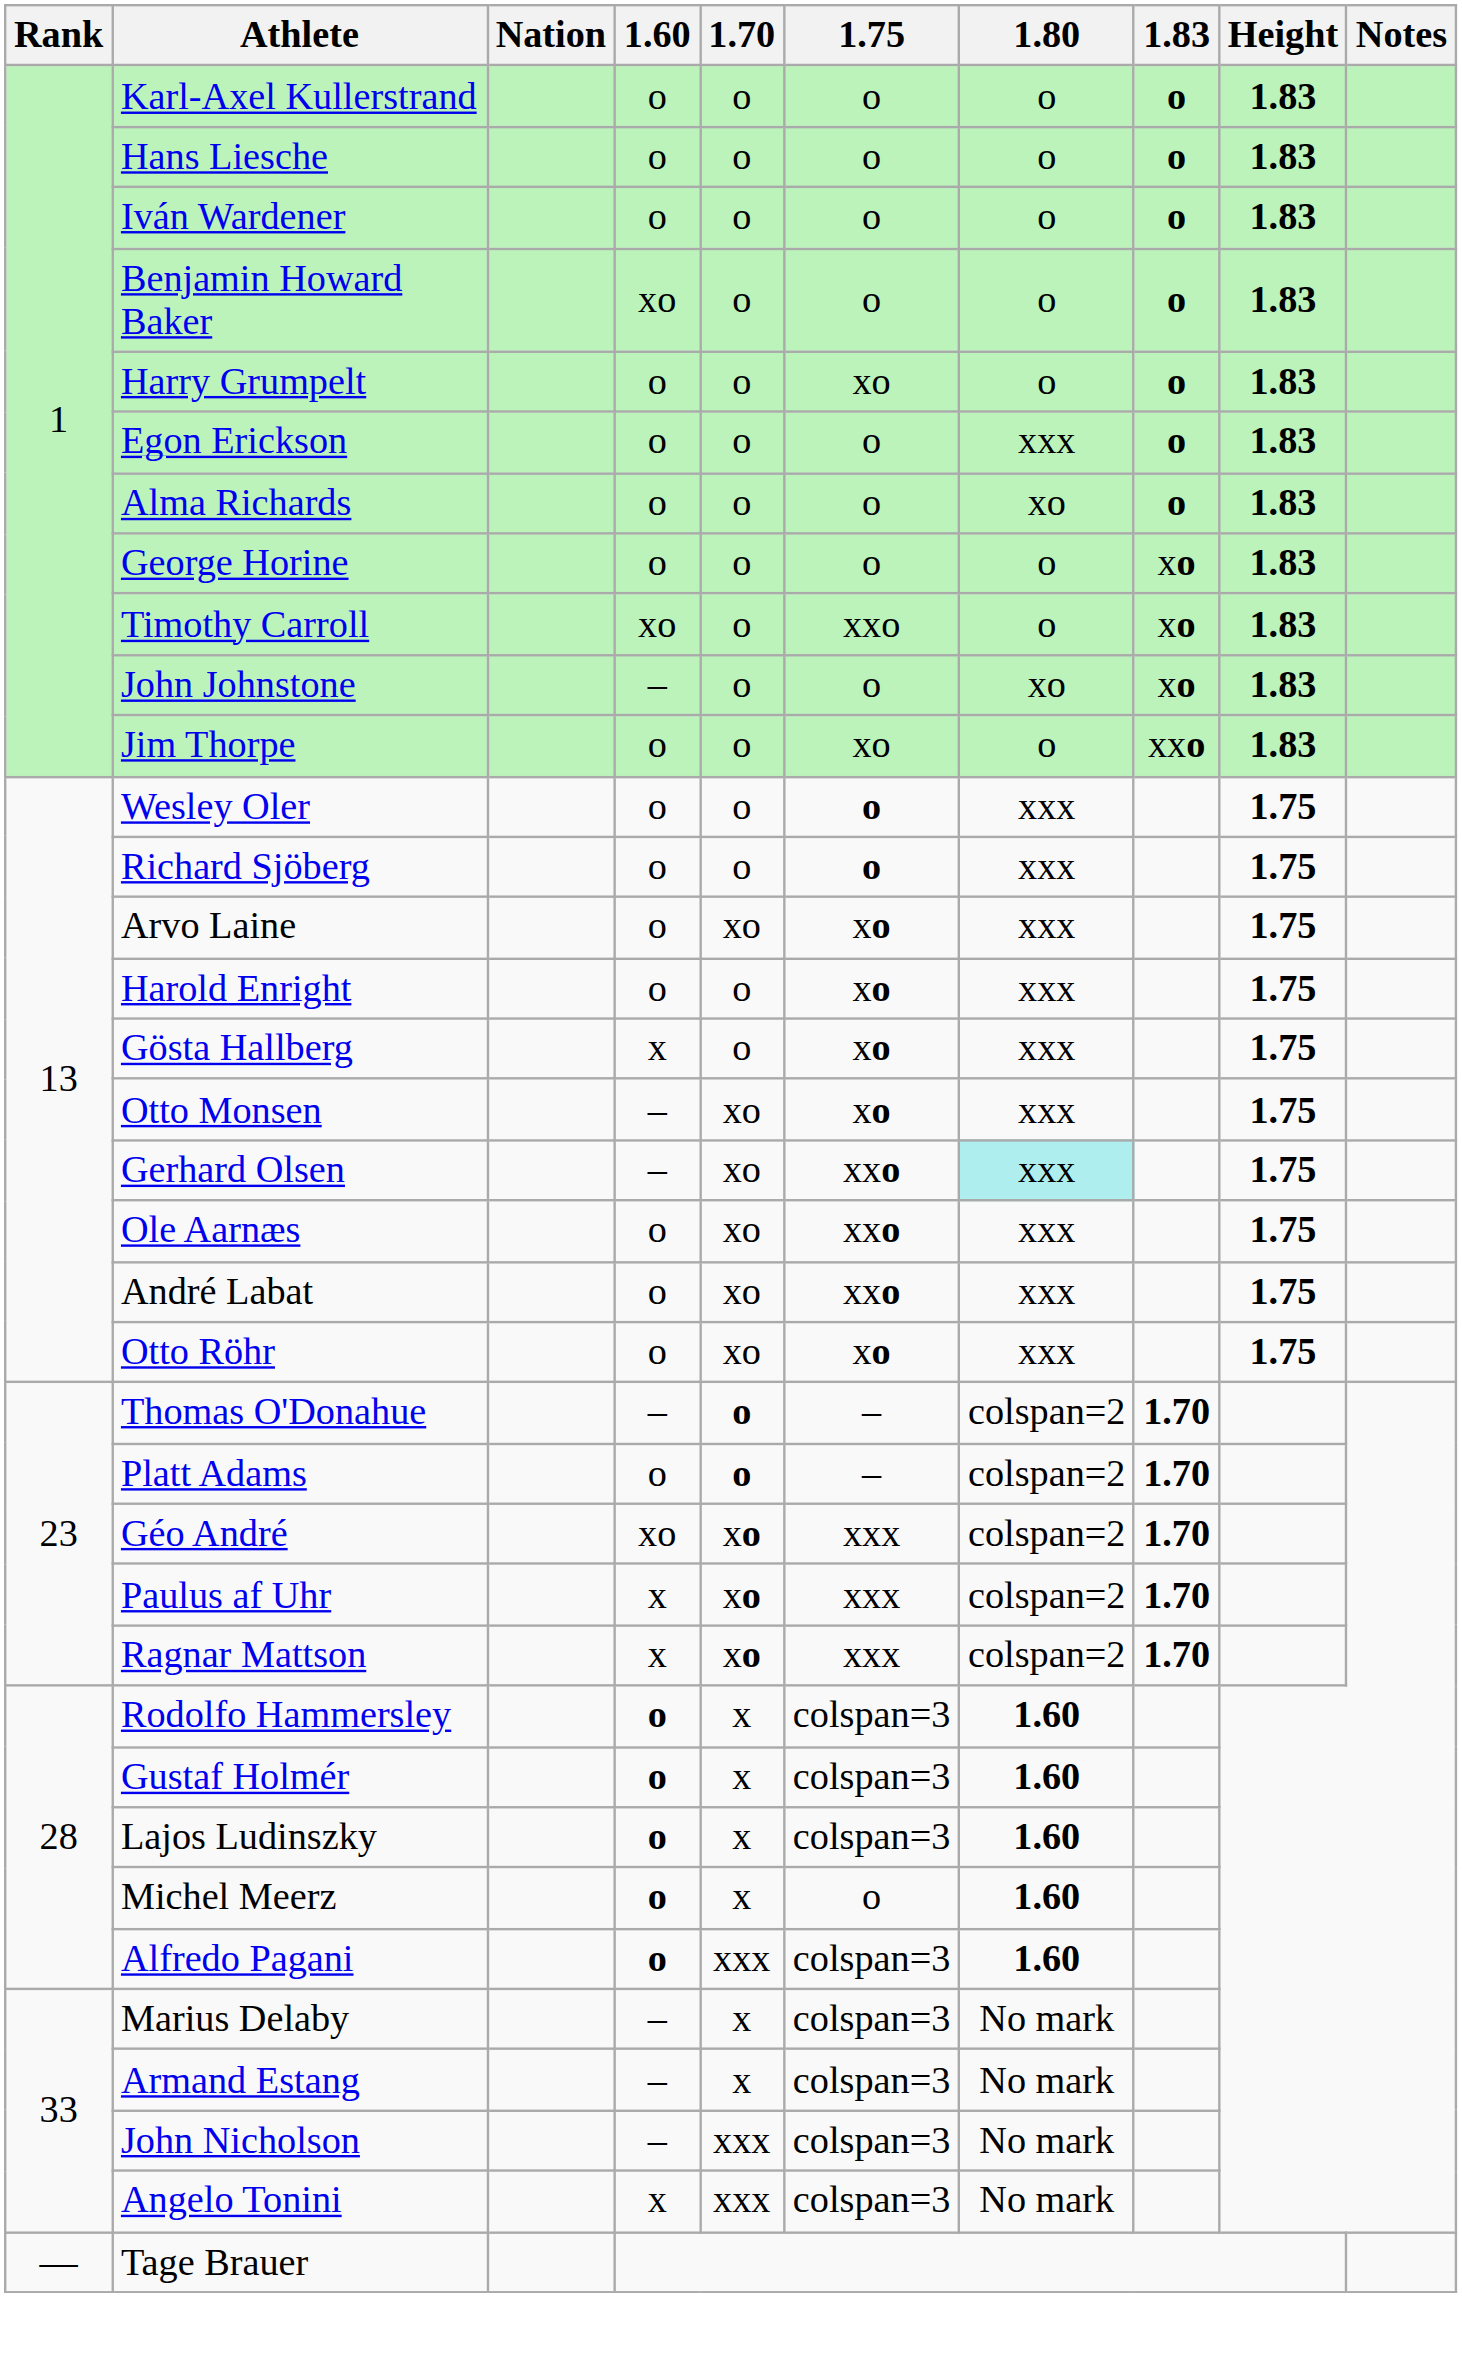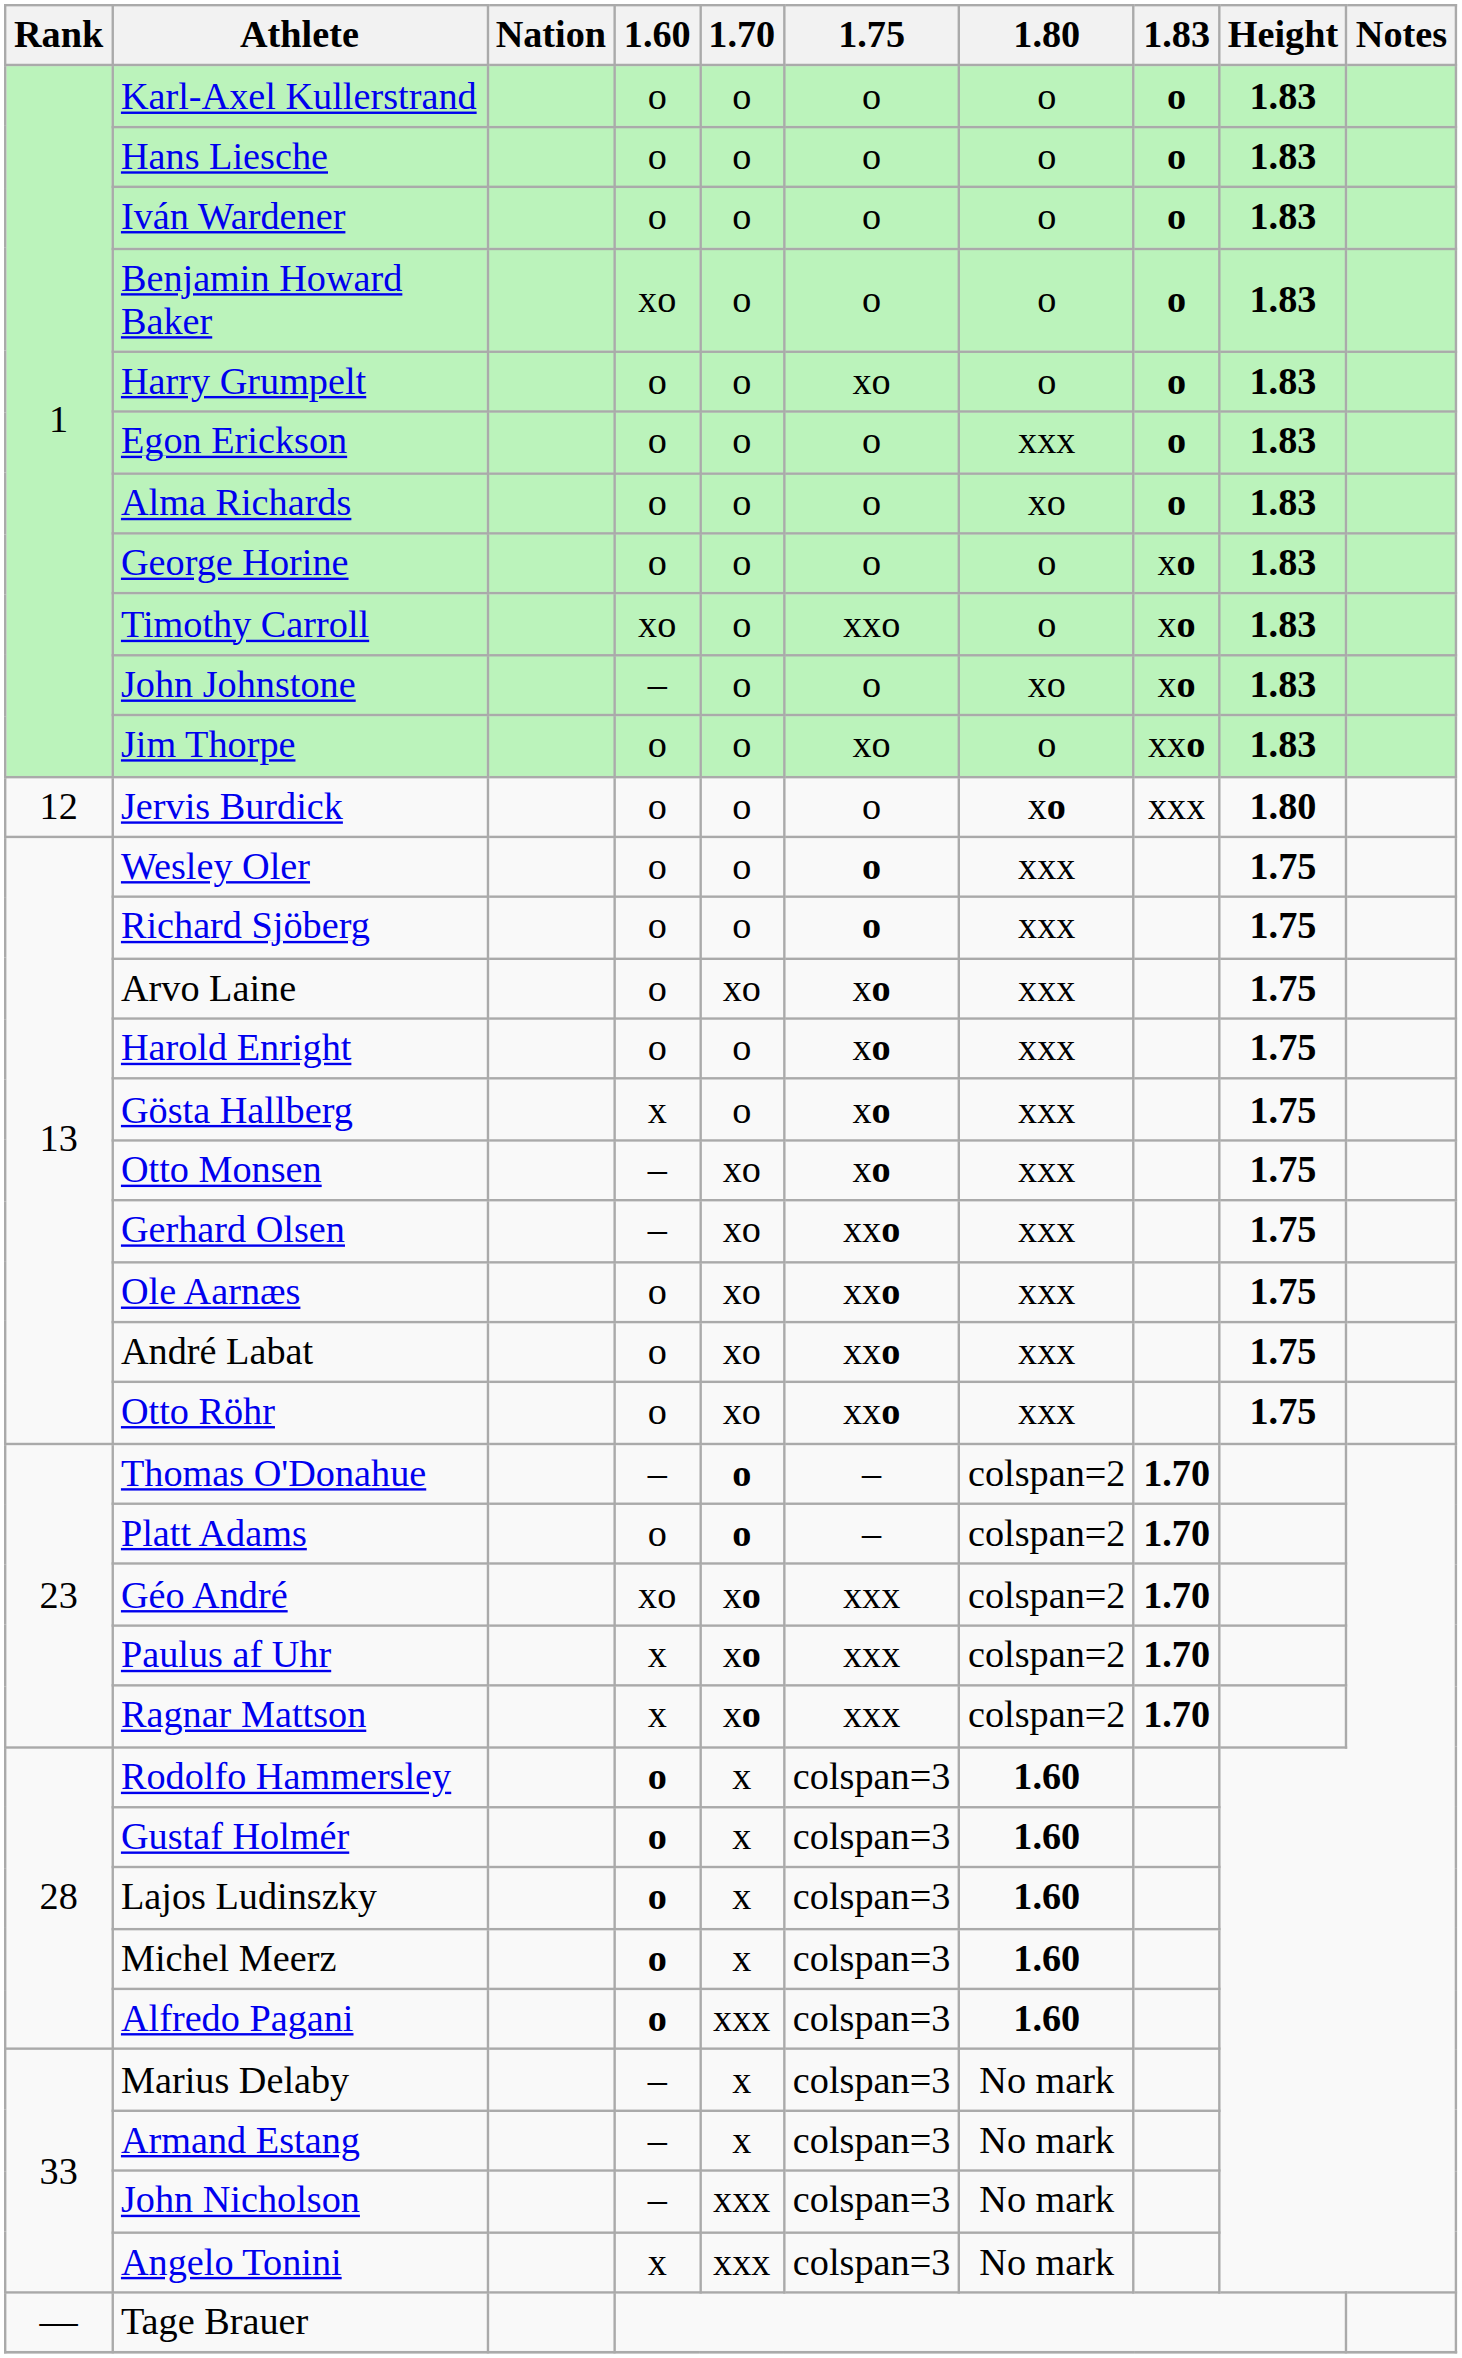 <table class="wikitable sortable" style="text-align:center;">
 <tr>
 <th>Rank</th>
 <th>Athlete</th>
 <th>Nation</th>
 <th>1.60</th>
 <th>1.70</th>
 <th>1.75</th>
 <th>1.80</th>
 <th>1.83</th>
 <th>Height</th>
 <th>Notes</th>
 </tr>
 <tr style="background:#BBF3BB">
 <td rowspan="11">1</td>
 <td align=left><a href='#'>Karl-Axel Kullerstrand</a></td>
 <td align=left></td>
 <td>o</td>
 <td>o</td>
 <td>o</td>
 <td>o</td>
 <td><strong>o</strong></td>
 <td><strong>1.83</strong></td>
 <td></td>
 </tr>
 <tr style="background:#BBF3BB">
 <td align=left><a href='#'>Hans Liesche</a></td>
 <td align=left></td>
 <td>o</td>
 <td>o</td>
 <td>o</td>
 <td>o</td>
 <td><strong>o</strong></td>
 <td><strong>1.83</strong></td>
 <td></td>
 </tr>
 <tr style="background:#BBF3BB">
 <td align=left><a href='#'>Iván Wardener</a></td>
 <td align=left></td>
 <td>o</td>
 <td>o</td>
 <td>o</td>
 <td>o</td>
 <td><strong>o</strong></td>
 <td><strong>1.83</strong></td>
 <td></td>
 </tr>
 <tr style="background:#BBF3BB">
 <td align=left><a href='#'>Benjamin Howard Baker</a></td>
 <td align=left></td>
 <td>xo</td>
 <td>o</td>
 <td>o</td>
 <td>o</td>
 <td><strong>o</strong></td>
 <td><strong>1.83</strong></td>
 <td></td>
 </tr>
 <tr style="background:#BBF3BB">
 <td align=left><a href='#'>Harry Grumpelt</a></td>
 <td align=left></td>
 <td>o</td>
 <td>o</td>
 <td>xo</td>
 <td>o</td>
 <td><strong>o</strong></td>
 <td><strong>1.83</strong></td>
 <td></td>
 </tr>
 <tr style="background:#BBF3BB">
 <td align=left><a href='#'>Egon Erickson</a></td>
 <td align=left></td>
 <td>o</td>
 <td>o</td>
 <td>o</td>
 <td>xxx</td>
 <td><strong>o</strong></td>
 <td><strong>1.83</strong></td>
 <td></td>
 </tr>
 <tr style="background:#BBF3BB">
 <td align=left><a href='#'>Alma Richards</a></td>
 <td align=left></td>
 <td>o</td>
 <td>o</td>
 <td>o</td>
 <td>xo</td>
 <td><strong>o</strong></td>
 <td><strong>1.83</strong></td>
 <td></td>
 </tr>
 <tr style="background:#BBF3BB">
 <td align=left><a href='#'>George Horine</a></td>
 <td align=left></td>
 <td>o</td>
 <td>o</td>
 <td>o</td>
 <td>o</td>
 <td>x<strong>o</strong></td>
 <td><strong>1.83</strong></td>
 <td></td>
 </tr>
 <tr style="background:#BBF3BB">
 <td align=left><a href='#'>Timothy Carroll</a></td>
 <td align=left></td>
 <td>xo</td>
 <td>o</td>
 <td>xxo</td>
 <td>o</td>
 <td>x<strong>o</strong></td>
 <td><strong>1.83</strong></td>
 <td></td>
 </tr>
 <tr style="background:#BBF3BB">
 <td align=left><a href='#'>John Johnstone</a></td>
 <td align=left></td>
 <td>–</td>
 <td>o</td>
 <td>o</td>
 <td>xo</td>
 <td>x<strong>o</strong></td>
 <td><strong>1.83</strong></td>
 <td></td>
 </tr>
 <tr style="background:#BBF3BB">
 <td align=left><a href='#'>Jim Thorpe</a></td>
 <td align=left></td>
 <td>o</td>
 <td>o</td>
 <td>xo</td>
 <td>o</td>
 <td>xx<strong>o</strong></td>
 <td><strong>1.83</strong></td>
 <td></td>
 </tr>
 <tr>
+<td>12</td>
+<td align=left><a href='#'>Jervis Burdick</a></td>
+<td align=left></td>
+<td>o</td>
+<td>o</td>
+<td>o</td>
+<td>x<strong>o</strong></td>
+<td>xxx</td>
+<td><strong>1.80</strong></td>
+<td></td>
+</tr>
+<tr>
 <td rowspan="10">13</td>
 <td align=left><a href='#'>Wesley Oler</a></td>
 <td align=left></td>
 <td>o</td>
 <td>o</td>
 <td><strong>o</strong></td>
 <td>xxx</td>
 <td></td>
 <td><strong>1.75</strong></td>
 <td></td>
 </tr>
 <tr>
 <td align=left><a href='#'>Richard Sjöberg</a></td>
 <td align=left></td>
 <td>o</td>
 <td>o</td>
 <td><strong>o</strong></td>
 <td>xxx</td>
 <td></td>
 <td><strong>1.75</strong></td>
 <td></td>
 </tr>
 <tr>
 <td align=left>Arvo Laine</td>
 <td align=left></td>
 <td>o</td>
 <td>xo</td>
 <td>x<strong>o</strong></td>
 <td>xxx</td>
 <td></td>
 <td><strong>1.75</strong></td>
 <td></td>
 </tr>
 <tr>
 <td align=left><a href='#'>Harold Enright</a></td>
 <td align=left></td>
 <td>o</td>
 <td>o</td>
 <td>x<strong>o</strong></td>
 <td>xxx</td>
 <td></td>
 <td><strong>1.75</strong></td>
 <td></td>
 </tr>
 <tr>
 <td align=left><a href='#'>Gösta Hallberg</a></td>
 <td align=left></td>
 <td>x</td>
 <td>o</td>
 <td>x<strong>o</strong></td>
 <td>xxx</td>
 <td></td>
 <td><strong>1.75</strong></td>
 <td></td>
 </tr>
 <tr>
 <td align=left><a href='#'>Otto Monsen</a></td>
 <td align=left></td>
 <td>–</td>
 <td>xo</td>
 <td>x<strong>o</strong></td>
 <td>xxx</td>
 <td></td>
 <td><strong>1.75</strong></td>
 <td></td>
 </tr>
 <tr>
 <td align=left><a href='#'>Gerhard Olsen</a></td>
 <td align=left></td>
 <td>–</td>
 <td>xo</td>
 <td>xx<strong>o</strong></td>
-<td style="background: paleturquoise;">xxx</td>
+<td>xxx</td>
 <td></td>
 <td><strong>1.75</strong></td>
 <td></td>
 </tr>
 <tr>
 <td align=left><a href='#'>Ole Aarnæs</a></td>
 <td align=left></td>
 <td>o</td>
 <td>xo</td>
 <td>xx<strong>o</strong></td>
 <td>xxx</td>
 <td></td>
 <td><strong>1.75</strong></td>
 <td></td>
 </tr>
 <tr>
 <td align=left>André Labat</td>
 <td align=left></td>
 <td>o</td>
 <td>xo</td>
 <td>xx<strong>o</strong></td>
 <td>xxx</td>
 <td></td>
 <td><strong>1.75</strong></td>
 <td></td>
 </tr>
 <tr>
 <td align=left><a href='#'>Otto Röhr</a></td>
 <td align=left></td>
 <td>o</td>
 <td>xo</td>
-<td>x<strong>o</strong></td>
+<td>xx<strong>o</strong></td>
 <td>xxx</td>
 <td></td>
 <td><strong>1.75</strong></td>
 <td></td>
 </tr>
 <tr>
 <td rowspan="5">23</td>
 <td align=left><a href='#'>Thomas O'Donahue</a></td>
 <td align=left></td>
 <td>–</td>
 <td><strong>o</strong></td>
 <td>–</td>
 <td>colspan=2 </td>
 <td><strong>1.70</strong></td>
 <td></td>
 </tr>
 <tr>
 <td align=left><a href='#'>Platt Adams</a></td>
 <td align=left></td>
 <td>o</td>
 <td><strong>o</strong></td>
 <td>–</td>
 <td>colspan=2 </td>
 <td><strong>1.70</strong></td>
 <td></td>
 </tr>
 <tr>
 <td align=left><a href='#'>Géo André</a></td>
 <td align=left></td>
 <td>xo</td>
 <td>x<strong>o</strong></td>
 <td>xxx</td>
 <td>colspan=2 </td>
 <td><strong>1.70</strong></td>
 <td></td>
 </tr>
 <tr>
 <td align=left><a href='#'>Paulus af Uhr</a></td>
 <td align=left></td>
 <td>x</td>
 <td>x<strong>o</strong></td>
 <td>xxx</td>
 <td>colspan=2 </td>
 <td><strong>1.70</strong></td>
 <td></td>
 </tr>
 <tr>
 <td align=left><a href='#'>Ragnar Mattson</a></td>
 <td align=left></td>
 <td>x</td>
 <td>x<strong>o</strong></td>
 <td>xxx</td>
 <td>colspan=2 </td>
 <td><strong>1.70</strong></td>
 <td></td>
 </tr>
 <tr>
 <td rowspan="5">28</td>
 <td align=left><a href='#'>Rodolfo Hammersley</a></td>
 <td align=left></td>
 <td><strong>o</strong></td>
 <td>x</td>
 <td>colspan=3 </td>
 <td><strong>1.60</strong></td>
 <td></td>
 </tr>
 <tr>
 <td align=left><a href='#'>Gustaf Holmér</a></td>
 <td align=left></td>
 <td><strong>o</strong></td>
 <td>x</td>
 <td>colspan=3 </td>
 <td><strong>1.60</strong></td>
 <td></td>
 </tr>
 <tr>
 <td align=left>Lajos Ludinszky</td>
 <td align=left></td>
 <td><strong>o</strong></td>
 <td>x</td>
 <td>colspan=3 </td>
 <td><strong>1.60</strong></td>
 <td></td>
 </tr>
 <tr>
 <td align=left>Michel Meerz</td>
 <td align=left></td>
 <td><strong>o</strong></td>
 <td>x</td>
-<td>o</td>
+<td>colspan=3 </td>
 <td><strong>1.60</strong></td>
 <td></td>
 </tr>
 <tr>
 <td align=left><a href='#'>Alfredo Pagani</a></td>
 <td align=left></td>
 <td><strong>o</strong></td>
 <td>xxx</td>
 <td>colspan=3 </td>
 <td><strong>1.60</strong></td>
 <td></td>
 </tr>
 <tr>
 <td rowspan="4">33</td>
 <td align=left>Marius Delaby</td>
 <td align=left></td>
 <td>–</td>
 <td>x</td>
 <td>colspan=3 </td>
 <td>No mark</td>
 <td></td>
 </tr>
 <tr>
 <td align=left><a href='#'>Armand Estang</a></td>
 <td align=left></td>
 <td>–</td>
 <td>x</td>
 <td>colspan=3 </td>
 <td>No mark</td>
 <td></td>
 </tr>
 <tr>
 <td align=left><a href='#'>John Nicholson</a></td>
 <td align=left></td>
 <td>–</td>
 <td>xxx</td>
 <td>colspan=3 </td>
 <td>No mark</td>
 <td></td>
 </tr>
 <tr>
 <td align=left><a href='#'>Angelo Tonini</a></td>
 <td align=left></td>
 <td>x</td>
 <td>xxx</td>
 <td>colspan=3 </td>
 <td>No mark</td>
 <td></td>
 </tr>
 <tr>
 <td data-sort-value=37>—</td>
 <td align=left>Tage Brauer</td>
 <td align=left></td>
 <td colspan="6"></td>
 <td></td>
 </tr>
 <tr>
 </tr>
 </table>
